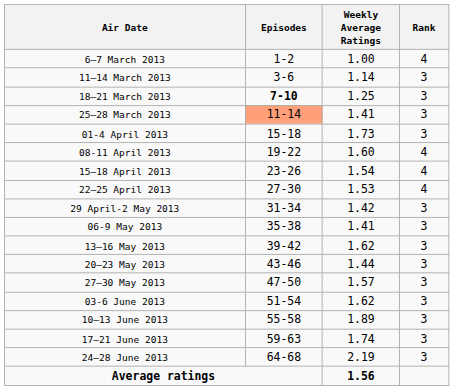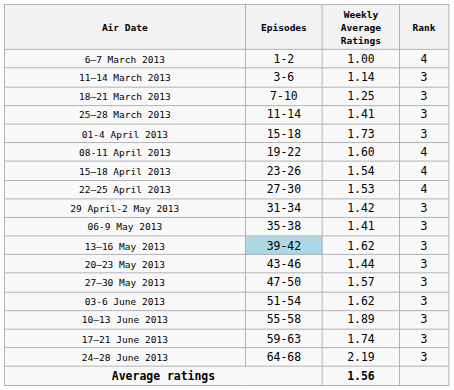 <table class="wikitable" style="text-align:center;width:40%;">
 <tr>
 <th width="25%"><small>Air Date</small></th>
 <th width="5%"><small>Episodes</small></th>
 <th width="6%"><small>Weekly Average Ratings</small></th>
 <th width="4%"><small>Rank</small></th>
 </tr>
 <tr>
 <td><small>6–7 March 2013</small></td>
 <td>1-2</td>
 <td>1.00</td>
 <td>4</td>
 </tr>
 <tr>
 <td><small>11–14 March 2013</small></td>
 <td>3-6</td>
 <td>1.14</td>
 <td>3</td>
 </tr>
 <tr>
 <td><small>18–21 March 2013</small></td>
-<td><strong>7-10</strong></td>
+<td>7-10</td>
 <td>1.25</td>
 <td>3</td>
 </tr>
 <tr>
 <td><small>25–28 March 2013</small></td>
-<td style="background: lightsalmon;">11-14</td>
+<td>11-14</td>
 <td>1.41</td>
 <td>3</td>
 </tr>
 <tr>
 <td><small>01-4 April 2013</small></td>
 <td>15-18</td>
 <td>1.73</td>
 <td>3</td>
 </tr>
 <tr>
 <td><small>08-11 April 2013</small></td>
 <td>19-22</td>
 <td>1.60</td>
 <td>4</td>
 </tr>
 <tr>
 <td><small>15–18 April 2013</small></td>
 <td>23-26</td>
 <td>1.54</td>
 <td>4</td>
 </tr>
 <tr>
 <td><small>22–25 April 2013</small></td>
 <td>27-30</td>
 <td>1.53</td>
 <td>4</td>
 </tr>
 <tr>
 <td><small>29 April-2 May 2013</small></td>
 <td>31-34</td>
 <td>1.42</td>
 <td>3</td>
 </tr>
 <tr>
 <td><small>06-9 May 2013</small></td>
 <td>35-38</td>
 <td>1.41</td>
 <td>3</td>
 </tr>
 <tr>
 <td><small>13–16 May 2013</small></td>
-<td>39-42</td>
+<td style="background: lightblue;">39-42</td>
 <td>1.62</td>
 <td>3</td>
 </tr>
 <tr>
 <td><small>20–23 May 2013</small></td>
 <td>43-46</td>
 <td>1.44</td>
 <td>3</td>
 </tr>
 <tr>
 <td><small>27–30 May 2013</small></td>
 <td>47-50</td>
 <td>1.57</td>
 <td>3</td>
 </tr>
 <tr>
 <td><small>03-6 June 2013</small></td>
 <td>51-54</td>
 <td>1.62</td>
 <td>3</td>
 </tr>
 <tr>
 <td><small>10–13 June 2013</small></td>
 <td>55-58</td>
 <td>1.89</td>
 <td>3</td>
 </tr>
 <tr>
 <td><small>17–21 June 2013</small></td>
 <td>59-63</td>
 <td>1.74</td>
 <td>3</td>
 </tr>
 <tr>
 <td><small>24–28 June 2013</small></td>
 <td>64-68</td>
 <td>2.19</td>
 <td>3</td>
 </tr>
 <tr>
 <td colspan=2><strong>Average ratings</strong></td>
 <td><strong>1.56</strong></td>
 <td></td>
 </tr>
 </table>
